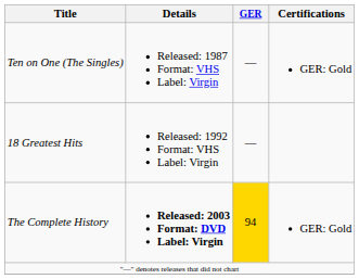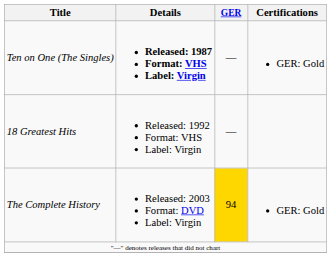 <table class="wikitable">
 <tr>
 <th>Title</th>
 <th>Details</th>
 <th scope="col" style="width:3em;font-size:90%;"><a href='#'>GER</a><br></th>
 <th>Certifications</th>
 </tr>
 <tr>
 <td align="left"><em>Ten on One (The Singles)</em></td>
-<td><br><ul><li>Released: 1987</li><li>Format: <a href='#'>VHS</a></li><li>Label: <a href='#'>Virgin</a></li></ul></td>
+<td><strong><br><ul><li>Released: 1987</li><li>Format: <a href='#'>VHS</a></li><li>Label: <a href='#'>Virgin</a></li></ul></strong></td>
 <td align="center">—</td>
 <td><br><ul><li>GER: Gold</li></ul></td>
 </tr>
 <tr>
 <td align="left"><em>18 Greatest Hits</em></td>
 <td><br><ul><li>Released: 1992</li><li>Format: VHS</li><li>Label: Virgin</li></ul></td>
 <td align="center">—</td>
 <td></td>
 </tr>
 <tr>
 <td align="left"><em>The Complete History</em></td>
-<td><strong><br><ul><li>Released: 2003</li><li>Format: <a href='#'>DVD</a></li><li>Label: Virgin</li></ul></strong></td>
+<td><br><ul><li>Released: 2003</li><li>Format: <a href='#'>DVD</a></li><li>Label: Virgin</li></ul></td>
 <td align="center" style="background: gold;">94</td>
 <td><br><ul><li>GER: Gold</li></ul></td>
 </tr>
 <tr>
 <td colspan="5" align="center" style="font-size:8pt">"—" denotes releases that did not chart</td>
 </tr>
 <tr>
 </tr>
 </table>
